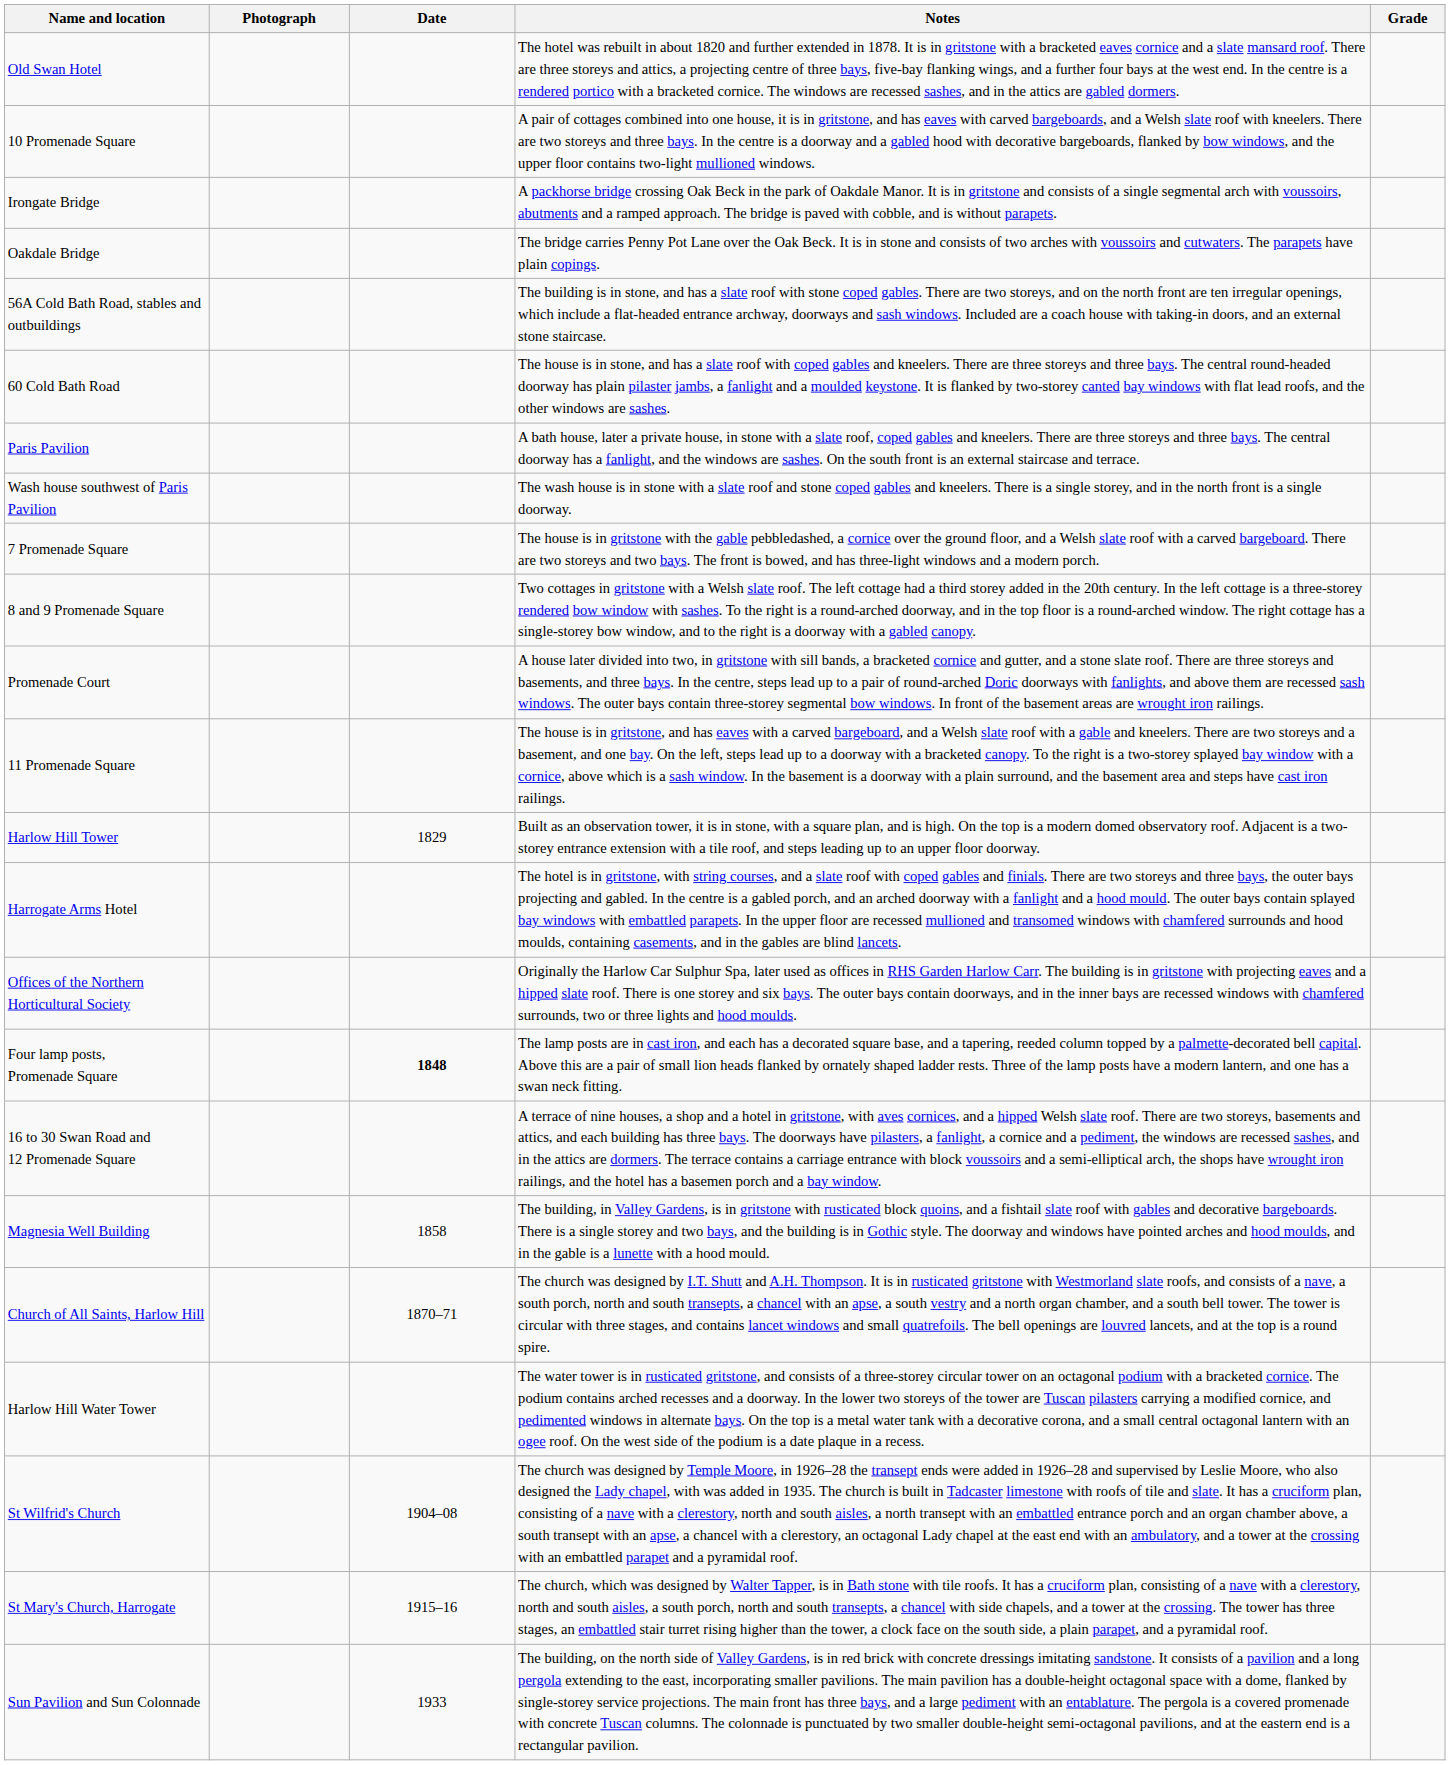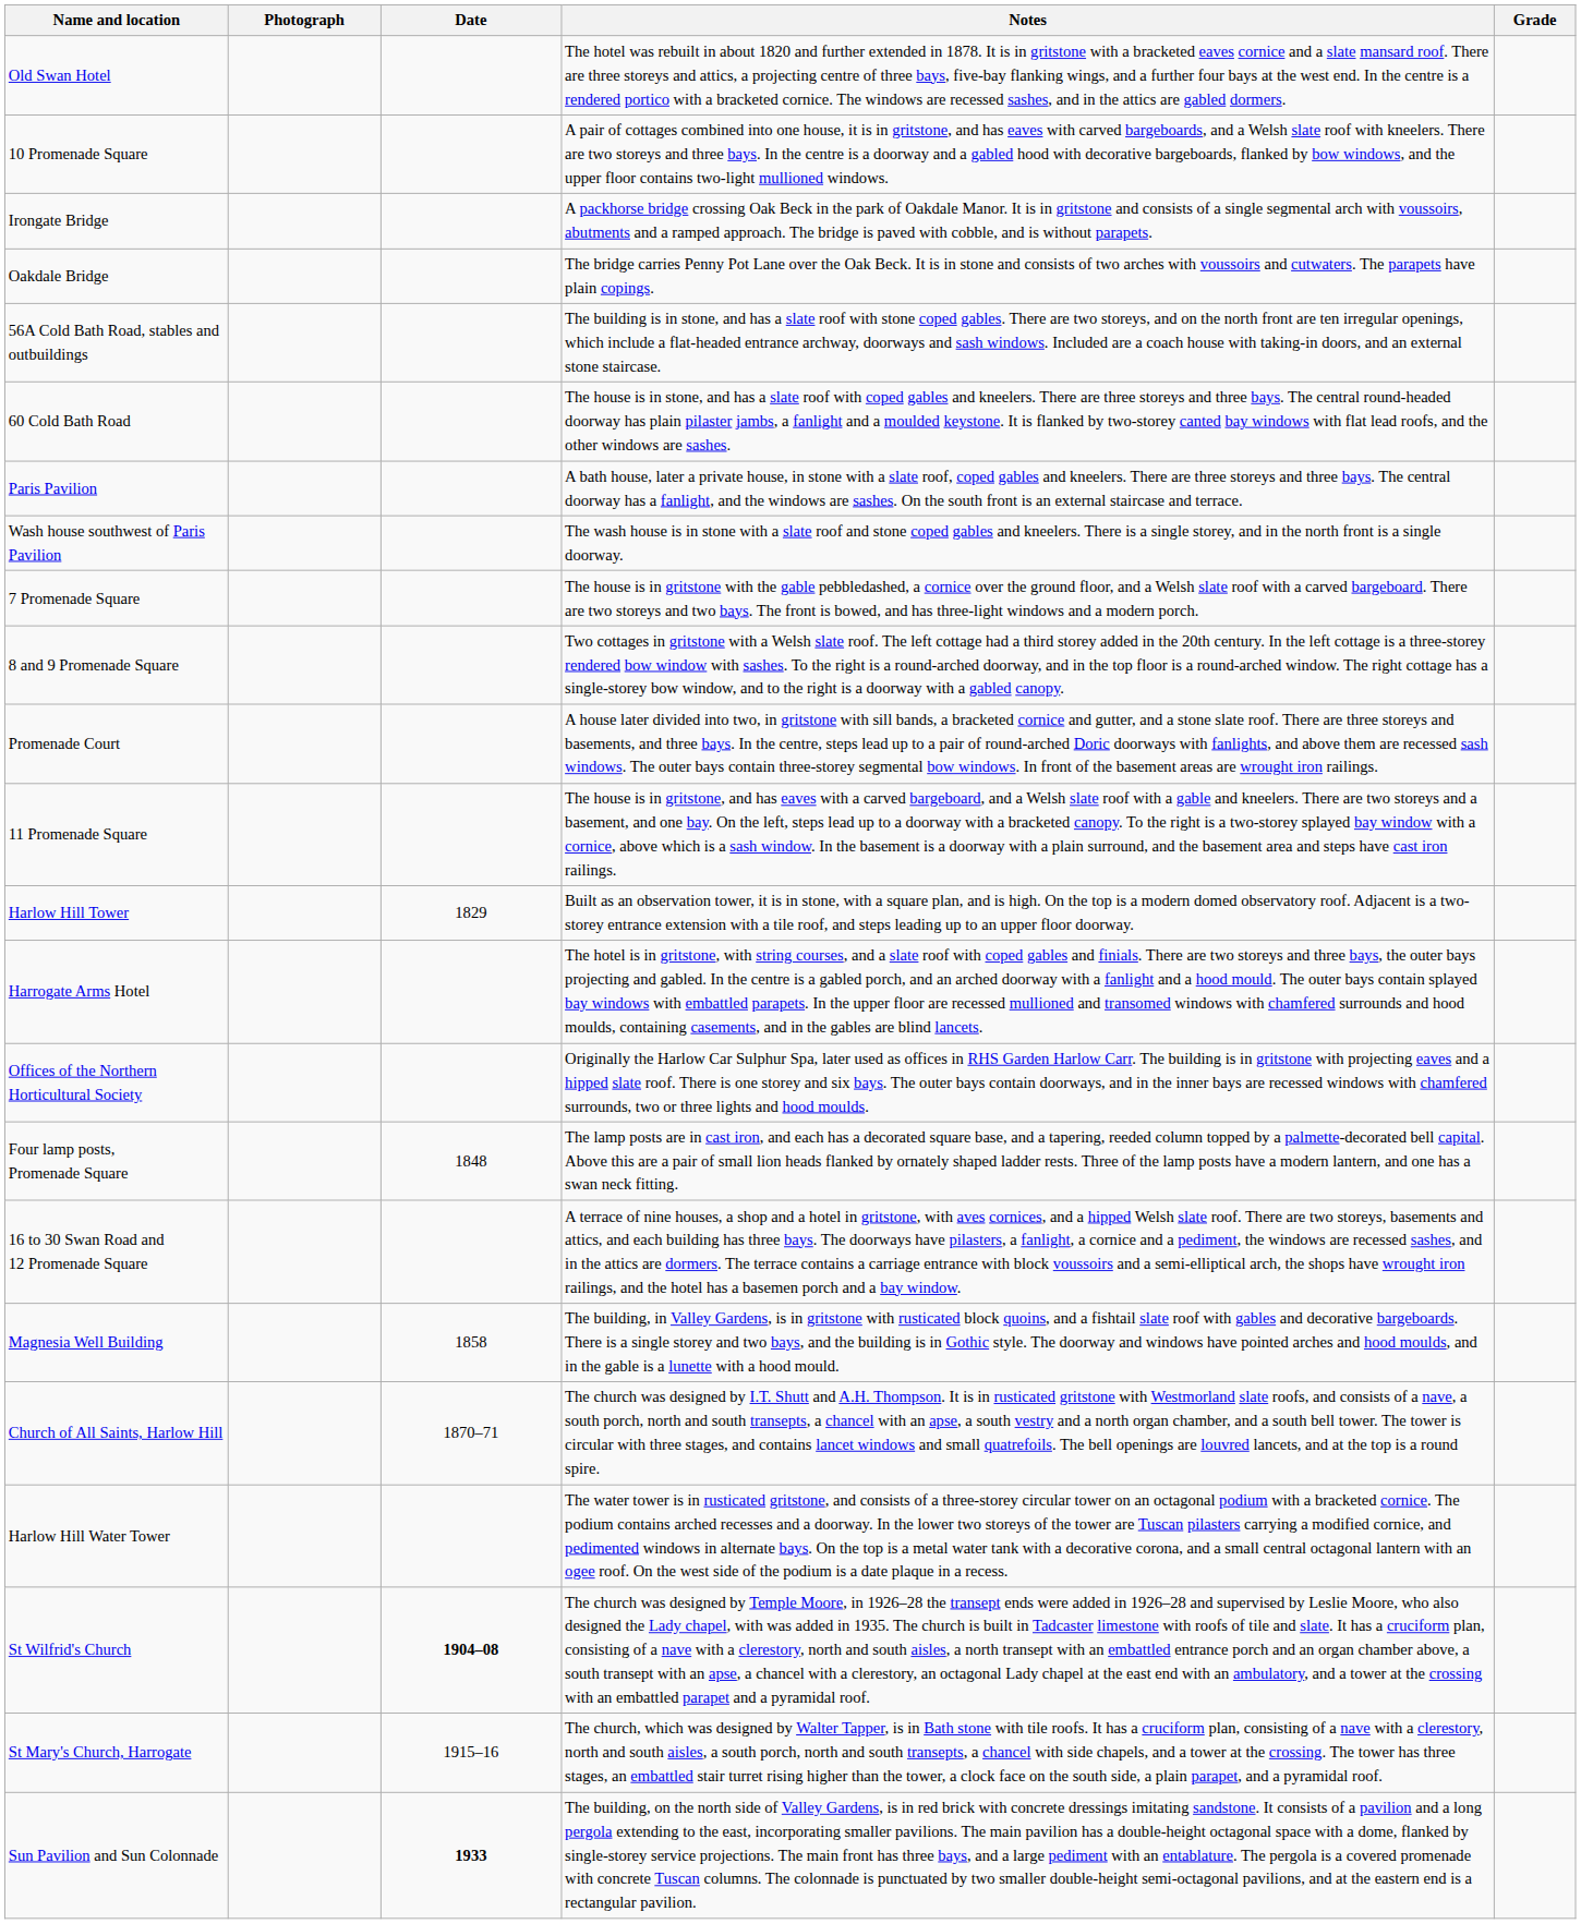 <table class="wikitable sortable plainrowheaders" style="width:100%; border:0px; text-align:left; line-height:150%">
 <tr>
 <th scope="col"  style="width:150px">Name and location</th>
 <th scope="col"  style="width:100px" class="unsortable">Photograph</th>
 <th scope="col"  style="width:120px">Date</th>
 <th scope="col"  style="width:650px" class="unsortable">Notes</th>
 <th scope="col"  style="width:50px">Grade</th>
 </tr>
 <tr>
 <td><a href='#'>Old Swan Hotel</a><br><small></small></td>
 <td></td>
 <td align="center"></td>
 <td>The hotel was rebuilt in about 1820 and further extended in 1878. It is in <a href='#'>gritstone</a> with a bracketed <a href='#'>eaves</a> <a href='#'>cornice</a> and a <a href='#'>slate</a> <a href='#'>mansard roof</a>. There are three storeys and attics, a projecting centre of three <a href='#'>bays</a>, five-bay flanking wings, and a further four bays at the west end. In the centre is a <a href='#'>rendered</a> <a href='#'>portico</a> with a bracketed cornice. The windows are recessed <a href='#'>sashes</a>, and in the attics are <a href='#'>gabled</a> <a href='#'>dormers</a>.</td>
 <td align="center" ></td>
 </tr>
 <tr>
 <td>10 Promenade Square<br><small></small></td>
 <td></td>
 <td align="center"></td>
 <td>A pair of cottages combined into one house, it is in <a href='#'>gritstone</a>, and has <a href='#'>eaves</a> with carved <a href='#'>bargeboards</a>, and a Welsh <a href='#'>slate</a> roof with kneelers. There are two storeys and three <a href='#'>bays</a>. In the centre is a doorway and a <a href='#'>gabled</a> hood with decorative bargeboards, flanked by <a href='#'>bow windows</a>, and the upper floor contains two-light <a href='#'>mullioned</a> windows.</td>
 <td align="center" ></td>
 </tr>
 <tr>
 <td>Irongate Bridge<br><small></small></td>
 <td></td>
 <td align="center"></td>
 <td>A <a href='#'>packhorse bridge</a> crossing Oak Beck in the park of Oakdale Manor. It is in <a href='#'>gritstone</a> and consists of a single segmental arch with <a href='#'>voussoirs</a>, <a href='#'>abutments</a> and a ramped approach. The bridge is paved with cobble, and is without <a href='#'>parapets</a>.</td>
 <td align="center" ></td>
 </tr>
 <tr>
 <td>Oakdale Bridge<br><small></small></td>
 <td></td>
 <td align="center"></td>
 <td>The bridge carries Penny Pot Lane over the Oak Beck. It is in stone and consists of two arches with <a href='#'>voussoirs</a> and <a href='#'>cutwaters</a>. The <a href='#'>parapets</a> have plain <a href='#'>copings</a>.</td>
 <td align="center" ></td>
 </tr>
 <tr>
 <td>56A Cold Bath Road, stables and outbuildings<br><small></small></td>
 <td></td>
 <td align="center"></td>
 <td>The building is in stone, and has a <a href='#'>slate</a> roof with stone <a href='#'>coped</a> <a href='#'>gables</a>. There are two storeys, and on the north front are ten irregular openings, which include a flat-headed entrance archway, doorways and <a href='#'>sash windows</a>. Included are a coach house with taking-in doors, and an external stone staircase.</td>
 <td align="center" ></td>
 </tr>
 <tr>
 <td>60 Cold Bath Road<br><small></small></td>
 <td></td>
 <td align="center"></td>
 <td>The house is in stone, and has a <a href='#'>slate</a> roof with <a href='#'>coped</a> <a href='#'>gables</a> and kneelers. There are three storeys and three <a href='#'>bays</a>. The central round-headed doorway has plain <a href='#'>pilaster</a> <a href='#'>jambs</a>, a <a href='#'>fanlight</a> and a <a href='#'>moulded</a> <a href='#'>keystone</a>. It is flanked by two-storey <a href='#'>canted</a> <a href='#'>bay windows</a> with flat lead roofs, and the other windows are <a href='#'>sashes</a>.</td>
 <td align="center" ></td>
 </tr>
 <tr>
 <td><a href='#'>Paris Pavilion</a><br><small></small></td>
 <td></td>
 <td align="center"></td>
 <td>A bath house, later a private house, in stone with a <a href='#'>slate</a> roof, <a href='#'>coped</a> <a href='#'>gables</a> and kneelers. There are three storeys and three <a href='#'>bays</a>. The central doorway has a <a href='#'>fanlight</a>, and the windows are <a href='#'>sashes</a>. On the south front is an external staircase and terrace.</td>
 <td align="center" ></td>
 </tr>
 <tr>
 <td>Wash house southwest of <a href='#'>Paris Pavilion</a><br><small></small></td>
 <td></td>
 <td align="center"></td>
 <td>The wash house is in stone with a <a href='#'>slate</a> roof and stone <a href='#'>coped</a> <a href='#'>gables</a> and kneelers. There is a single storey, and in the north front is a single doorway.</td>
 <td align="center" ></td>
 </tr>
 <tr>
 <td>7 Promenade Square<br><small></small></td>
 <td></td>
 <td align="center"></td>
 <td>The house is in <a href='#'>gritstone</a> with the <a href='#'>gable</a> pebbledashed, a <a href='#'>cornice</a> over the ground floor, and a Welsh <a href='#'>slate</a> roof with a carved <a href='#'>bargeboard</a>. There are two storeys and two <a href='#'>bays</a>. The front is bowed, and has three-light windows and a modern porch.</td>
 <td align="center" ></td>
 </tr>
 <tr>
 <td>8 and 9 Promenade Square<br><small></small></td>
 <td></td>
 <td align="center"></td>
 <td>Two cottages in <a href='#'>gritstone</a> with a Welsh <a href='#'>slate</a> roof. The left cottage had a third storey added in the 20th century. In the left cottage is a three-storey <a href='#'>rendered</a> <a href='#'>bow window</a> with <a href='#'>sashes</a>. To the right is a round-arched doorway, and in the top floor is a round-arched window. The right cottage has a single-storey bow window, and to the right is a doorway with a <a href='#'>gabled</a> <a href='#'>canopy</a>.</td>
 <td align="center" ></td>
 </tr>
 <tr>
 <td>Promenade Court<br><small></small></td>
 <td></td>
 <td align="center"></td>
 <td>A house later divided into two, in <a href='#'>gritstone</a> with sill bands, a bracketed <a href='#'>cornice</a> and gutter, and a stone slate roof. There are three storeys and basements, and three <a href='#'>bays</a>. In the centre, steps lead up to a pair of round-arched <a href='#'>Doric</a> doorways with <a href='#'>fanlights</a>, and above them are recessed <a href='#'>sash windows</a>. The outer bays contain three-storey segmental <a href='#'>bow windows</a>. In front of the basement areas are <a href='#'>wrought iron</a> railings.</td>
 <td align="center" ></td>
 </tr>
 <tr>
 <td>11 Promenade Square<br><small></small></td>
 <td></td>
 <td align="center"></td>
 <td>The house is in <a href='#'>gritstone</a>, and has <a href='#'>eaves</a> with a carved <a href='#'>bargeboard</a>, and a Welsh <a href='#'>slate</a> roof with a <a href='#'>gable</a> and kneelers. There are two storeys and a basement, and one <a href='#'>bay</a>. On the left, steps lead up to a doorway with a bracketed <a href='#'>canopy</a>. To the right is a two-storey splayed <a href='#'>bay window</a> with a <a href='#'>cornice</a>, above which is a <a href='#'>sash window</a>. In the basement is a doorway with a plain surround, and the basement area and steps have <a href='#'>cast iron</a> railings.</td>
 <td align="center" ></td>
 </tr>
 <tr>
 <td><a href='#'>Harlow Hill Tower</a><br><small></small></td>
 <td></td>
 <td align="center">1829</td>
 <td>Built as an observation tower, it is in stone, with a square plan, and is  high. On the top is a modern domed observatory roof. Adjacent is a two-storey entrance extension with a tile roof, and steps leading up to an upper floor doorway.</td>
 <td align="center" ></td>
 </tr>
 <tr>
 <td><a href='#'>Harrogate Arms</a> Hotel<br><small></small></td>
 <td></td>
 <td align="center"></td>
 <td>The hotel is in <a href='#'>gritstone</a>, with <a href='#'>string courses</a>, and a <a href='#'>slate</a> roof with <a href='#'>coped</a> <a href='#'>gables</a> and <a href='#'>finials</a>. There are two storeys and three <a href='#'>bays</a>, the outer bays projecting and gabled. In the centre is a gabled porch, and an arched doorway with a <a href='#'>fanlight</a> and a <a href='#'>hood mould</a>. The outer bays contain splayed <a href='#'>bay windows</a> with <a href='#'>embattled</a> <a href='#'>parapets</a>. In the upper floor are recessed <a href='#'>mullioned</a> and <a href='#'>transomed</a> windows with <a href='#'>chamfered</a> surrounds and hood moulds, containing <a href='#'>casements</a>, and in the gables are blind <a href='#'>lancets</a>.</td>
 <td align="center" ></td>
 </tr>
 <tr>
 <td><a href='#'>Offices of the Northern Horticultural Society</a><br><small></small></td>
 <td></td>
 <td align="center"></td>
 <td>Originally the Harlow Car Sulphur Spa, later used as offices in <a href='#'>RHS Garden Harlow Carr</a>. The building is in <a href='#'>gritstone</a> with projecting <a href='#'>eaves</a> and a <a href='#'>hipped</a> <a href='#'>slate</a> roof. There is one storey and six <a href='#'>bays</a>. The outer bays contain doorways, and in the inner bays are recessed windows with <a href='#'>chamfered</a> surrounds, two or three lights and <a href='#'>hood moulds</a>.</td>
 <td align="center" ></td>
 </tr>
 <tr>
 <td>Four lamp posts,<br>Promenade Square<br><small></small></td>
 <td></td>
-<td align="center"><strong>1848</strong></td>
+<td align="center">1848</td>
 <td>The lamp posts are in <a href='#'>cast iron</a>, and each has a decorated square base, and a tapering, reeded column topped by a <a href='#'>palmette</a>-decorated bell <a href='#'>capital</a>. Above this are a pair of small lion heads flanked by ornately shaped ladder rests. Three of the lamp posts have a modern lantern, and one has a swan neck fitting.</td>
 <td align="center" ></td>
 </tr>
 <tr>
 <td>16 to 30 Swan Road and 12 Promenade Square<br><small></small></td>
 <td></td>
 <td align="center"></td>
 <td>A terrace of nine houses, a shop and a hotel in <a href='#'>gritstone</a>, with <a href='#'>aves</a> <a href='#'>cornices</a>, and a <a href='#'>hipped</a> Welsh <a href='#'>slate</a> roof. There are two storeys, basements and attics, and each building has three <a href='#'>bays</a>. The doorways have <a href='#'>pilasters</a>, a <a href='#'>fanlight</a>, a cornice and a <a href='#'>pediment</a>, the windows are recessed <a href='#'>sashes</a>, and in the attics are <a href='#'>dormers</a>. The terrace contains a carriage entrance with block <a href='#'>voussoirs</a> and a semi-elliptical arch, the shops have <a href='#'>wrought iron</a> railings, and the hotel has a basemen porch and a <a href='#'>bay window</a>.</td>
 <td align="center" ></td>
 </tr>
 <tr>
 <td><a href='#'>Magnesia Well Building</a><br><small></small></td>
 <td></td>
 <td align="center">1858</td>
 <td>The building, in <a href='#'>Valley Gardens</a>, is in <a href='#'>gritstone</a> with <a href='#'>rusticated</a> block <a href='#'>quoins</a>, and a fishtail <a href='#'>slate</a> roof with <a href='#'>gables</a> and decorative <a href='#'>bargeboards</a>. There is a single storey and two <a href='#'>bays</a>, and the building is in <a href='#'>Gothic</a> style. The doorway and windows have pointed arches and <a href='#'>hood moulds</a>, and in the gable is a <a href='#'>lunette</a> with a hood mould.</td>
 <td align="center" ></td>
 </tr>
 <tr>
 <td><a href='#'>Church of All Saints, Harlow Hill</a><br><small></small></td>
 <td></td>
 <td align="center">1870–71</td>
 <td>The church was designed by <a href='#'>I.T. Shutt</a> and <a href='#'>A.H. Thompson</a>. It is in <a href='#'>rusticated</a> <a href='#'>gritstone</a> with <a href='#'>Westmorland</a> <a href='#'>slate</a> roofs, and consists of a <a href='#'>nave</a>, a south porch, north and south <a href='#'>transepts</a>, a <a href='#'>chancel</a> with an <a href='#'>apse</a>, a south <a href='#'>vestry</a> and a north organ chamber, and a south bell tower. The tower is circular with three stages, and contains <a href='#'>lancet windows</a> and small <a href='#'>quatrefoils</a>. The bell openings are <a href='#'>louvred</a> lancets, and at the top is a round spire.</td>
 <td align="center" ></td>
 </tr>
 <tr>
 <td>Harlow Hill Water Tower<br><small></small></td>
 <td></td>
 <td align="center"></td>
 <td>The water tower is in <a href='#'>rusticated</a> <a href='#'>gritstone</a>, and consists of a three-storey circular tower on an octagonal <a href='#'>podium</a> with a bracketed <a href='#'>cornice</a>. The podium contains arched recesses and a doorway. In the lower two storeys of the tower are <a href='#'>Tuscan</a> <a href='#'>pilasters</a> carrying a modified cornice, and <a href='#'>pedimented</a> windows in alternate <a href='#'>bays</a>. On the top is a metal water tank with a decorative corona, and a small central octagonal lantern with an <a href='#'>ogee</a> roof. On the west side of the podium is a date plaque in a recess.</td>
 <td align="center" ></td>
 </tr>
 <tr>
 <td><a href='#'>St Wilfrid's Church</a><br><small></small></td>
 <td></td>
-<td align="center">1904–08</td>
+<td align="center"><strong>1904–08</strong></td>
 <td>The church was designed by <a href='#'>Temple Moore</a>, in 1926–28 the <a href='#'>transept</a> ends were added in 1926–28 and supervised by Leslie Moore, who also designed the <a href='#'>Lady chapel</a>, with was added in 1935. The church is built in <a href='#'>Tadcaster</a> <a href='#'>limestone</a> with roofs of tile and <a href='#'>slate</a>. It has a <a href='#'>cruciform</a> plan, consisting of a <a href='#'>nave</a> with a <a href='#'>clerestory</a>, north and south <a href='#'>aisles</a>, a north transept with an <a href='#'>embattled</a> entrance porch and an organ chamber above, a south transept with an <a href='#'>apse</a>, a chancel with a clerestory, an octagonal Lady chapel at the east end with an <a href='#'>ambulatory</a>, and a tower at the <a href='#'>crossing</a> with an embattled <a href='#'>parapet</a> and a pyramidal roof.</td>
 <td align="center" ></td>
 </tr>
 <tr>
 <td><a href='#'>St Mary's Church, Harrogate</a><br><small></small></td>
 <td></td>
 <td align="center">1915–16</td>
 <td>The church, which was designed by <a href='#'>Walter Tapper</a>, is in <a href='#'>Bath stone</a> with tile roofs. It has a <a href='#'>cruciform</a> plan, consisting of a <a href='#'>nave</a> with a <a href='#'>clerestory</a>, north and south <a href='#'>aisles</a>, a south porch, north and south <a href='#'>transepts</a>, a <a href='#'>chancel</a> with side chapels, and a tower at the <a href='#'>crossing</a>. The tower has three stages, an <a href='#'>embattled</a> stair turret rising higher than the tower, a clock face on the south side, a plain <a href='#'>parapet</a>, and a pyramidal roof.</td>
 <td align="center" ></td>
 </tr>
 <tr>
 <td><a href='#'>Sun Pavilion</a> and Sun Colonnade<br><small></small></td>
 <td></td>
-<td align="center">1933</td>
+<td align="center"><strong>1933</strong></td>
 <td>The building, on the north side of <a href='#'>Valley Gardens</a>, is in red brick with concrete dressings imitating <a href='#'>sandstone</a>. It consists of a <a href='#'>pavilion</a> and a long <a href='#'>pergola</a> extending to the east, incorporating smaller pavilions. The main pavilion has a double-height octagonal space with a dome, flanked by single-storey service projections. The main front has three <a href='#'>bays</a>, and a large <a href='#'>pediment</a> with an <a href='#'>entablature</a>. The pergola is a covered promenade with concrete <a href='#'>Tuscan</a> columns. The colonnade is punctuated by two smaller double-height semi-octagonal pavilions, and at the eastern end is a rectangular pavilion.</td>
 <td align="center" ></td>
 </tr>
 <tr>
 </tr>
 </table>
